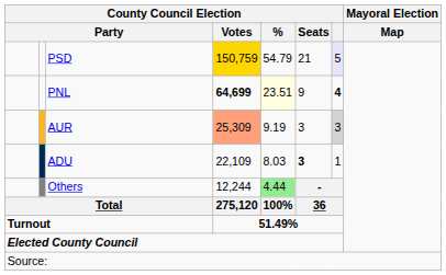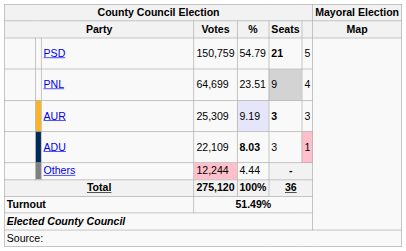 <table class="wikitable" style="text-align:left">
 <tr>
 <th colspan="7">County Council Election</th>
 <th>Mayoral Election</th>
 </tr>
 <tr>
 <th colspan="3" width="280">Party</th>
 <th>Votes</th>
 <th>%</th>
 <th>Seats</th>
 <th></th>
 <th>Map</th>
 </tr>
 <tr>
 <td width="40" height="40"></td>
 <td style="color:inherit;background:"></td>
 <td align="left"><a href='#'>PSD</a></td>
-<td style="background: gold;">150,759</td>
+<td>150,759</td>
 <td>54.79</td>
-<td>21</td>
-<td style="background: lavender;">5</td>
+<td><strong>21</strong></td>
+<td>5</td>
 <td rowspan="8"></td>
 </tr>
 <tr>
 <td height="40"></td>
 <td width="1" style="color:inherit;background:"></td>
 <td align="left"><a href='#'>PNL</a></td>
-<td><strong>64,699</strong></td>
-<td style="background: lightyellow;">23.51</td>
-<td>9</td>
-<td><strong>4</strong></td>
+<td>64,699</td>
+<td>23.51</td>
+<td style="background: lightgrey;">9</td>
+<td>4</td>
 </tr>
 <tr>
 <td height="40"></td>
 <td style="background:#FCB521;"></td>
 <td align="left"><a href='#'>AUR</a></td>
-<td style="background: lightsalmon;">25,309</td>
-<td>9.19</td>
+<td>25,309</td>
+<td style="background: lavender;">9.19</td>
+<td><strong>3</strong></td>
 <td>3</td>
-<td style="background: lightgrey;">3</td>
 </tr>
 <tr>
 <td height="40"></td>
 <td style="background:#002A59;"></td>
 <td align="left"><a href='#'>ADU</a></td>
 <td>22,109</td>
-<td>8.03</td>
-<td><strong>3</strong></td>
-<td>1</td>
+<td><strong>8.03</strong></td>
+<td>3</td>
+<td style="background: pink;">1</td>
 </tr>
 <tr>
 <td></td>
 <td style="background-color:Grey "></td>
 <td align="left"><a href='#'>Others</a></td>
-<td>12,244</td>
-<td style="background: lightgreen;">4.44</td>
+<td style="background: pink;">12,244</td>
+<td>4.44</td>
 <th colspan="2">-</th>
 </tr>
 <tr>
 <th colspan="3"><strong><u>Total</u></strong></th>
 <th style="text-align:left">275,120</th>
 <th style="text-align:left">100%</th>
 <th colspan="2"><strong><u>36</u></strong></th>
 </tr>
 <tr>
 <td colspan="3"><strong>Turnout</strong></td>
 <td colspan="4" style="text-align: center"><strong>51.49%</strong></td>
 </tr>
 <tr>
 <td colspan="7"><strong><em>Elected County Council</em></strong></td>
 </tr>
 <tr>
 <td colspan="8">Source: </td>
 </tr>
 </table>
